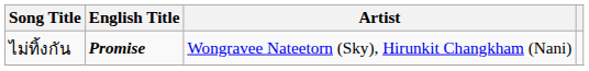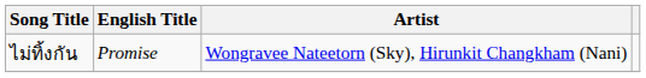 <table class="wikitable">
 <tr>
 <th>Song Title</th>
 <th>English Title</th>
 <th>Artist</th>
 <th></th>
 </tr>
 <tr>
 <td>ไม่ทิ้งกัน</td>
-<td><strong><em>Promise</em></strong></td>
+<td><em>Promise</em></td>
 <td><a href='#'>Wongravee Nateetorn</a> (Sky), <a href='#'>Hirunkit Changkham</a> (Nani)</td>
 <td style="text-align: center;"></td>
 </tr>
 <tr>
 </tr>
 </table>
